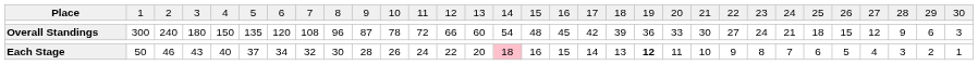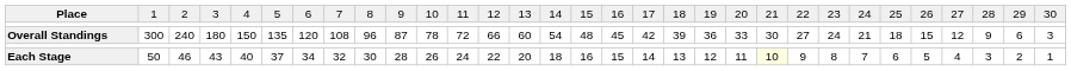 <table border="1" cellpadding="2" cellspacing="0" style="border:1px solid #C0C0C0; border-collapse:collapse; font-size:86%; margin-top:1em; text-align:center; width:1000">
 <tr bgcolor="#F0F0F0">
 <td width=150><strong>Place</strong></td>
 <td width=31>1</td>
 <td width=31>2</td>
 <td width=31>3</td>
 <td width=31>4</td>
 <td width=31>5</td>
 <td width=31>6</td>
 <td width=31>7</td>
 <td width=31>8</td>
 <td width=31>9</td>
 <td width=31>10</td>
 <td width=31>11</td>
 <td width=31>12</td>
 <td width=31>13</td>
 <td width=31>14</td>
 <td width=31>15</td>
 <td width=31>16</td>
 <td width=31>17</td>
 <td width=31>18</td>
 <td width=31>19</td>
 <td width=31>20</td>
 <td width=31>21</td>
 <td width=31>22</td>
 <td width=31>23</td>
 <td width=31>24</td>
 <td width=31>25</td>
 <td width=31>26</td>
 <td width=31>27</td>
 <td width=31>28</td>
 <td width=31>29</td>
 <td width=31>30</td>
 </tr>
 <tr>
 <td colspan=31></td>
 </tr>
 <tr>
 <td bgcolor="#F0F0F0" align=left><strong>Overall Standings</strong></td>
 <td>300</td>
 <td>240</td>
 <td>180</td>
 <td>150</td>
 <td>135</td>
 <td>120</td>
 <td>108</td>
 <td>96</td>
 <td>87</td>
 <td>78</td>
 <td>72</td>
 <td>66</td>
 <td>60</td>
 <td>54</td>
 <td>48</td>
 <td>45</td>
 <td>42</td>
 <td>39</td>
 <td>36</td>
 <td>33</td>
 <td>30</td>
 <td>27</td>
 <td>24</td>
 <td>21</td>
 <td>18</td>
 <td>15</td>
 <td>12</td>
 <td>9</td>
 <td>6</td>
 <td>3</td>
 </tr>
 <tr>
 <td colspan=31></td>
 </tr>
 <tr>
 <td bgcolor="#F0F0F0" align=left><strong>Each Stage</strong></td>
 <td>50</td>
 <td>46</td>
 <td>43</td>
 <td>40</td>
 <td>37</td>
 <td>34</td>
 <td>32</td>
 <td>30</td>
 <td>28</td>
 <td>26</td>
 <td>24</td>
 <td>22</td>
 <td>20</td>
-<td style="background: pink;">18</td>
+<td>18</td>
 <td>16</td>
 <td>15</td>
 <td>14</td>
 <td>13</td>
-<td><strong>12</strong></td>
+<td>12</td>
 <td>11</td>
-<td>10</td>
+<td style="background: lightyellow;">10</td>
 <td>9</td>
 <td>8</td>
 <td>7</td>
 <td>6</td>
 <td>5</td>
 <td>4</td>
 <td>3</td>
 <td>2</td>
 <td>1</td>
 </tr>
 </table>
